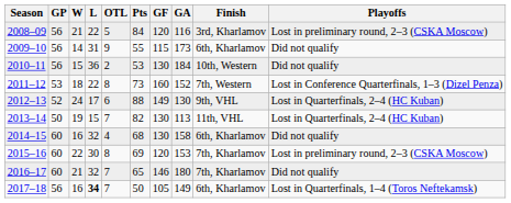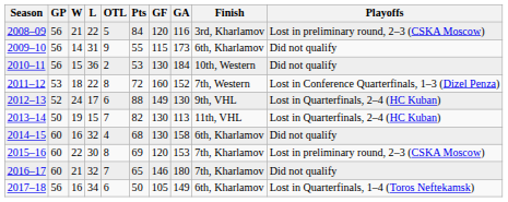 <table class="wikitable">
 <tr>
 <th>Season</th>
 <th>GP</th>
 <th>W</th>
 <th>L</th>
 <th>OTL</th>
 <th>Pts</th>
 <th>GF</th>
 <th>GA</th>
 <th>Finish</th>
 <th>Playoffs</th>
 </tr>
 <tr style="background:#eee;">
 <td><a href='#'>2008–09</a></td>
 <td>56</td>
 <td>21</td>
 <td>22</td>
 <td>5</td>
 <td>84</td>
 <td>120</td>
 <td>116</td>
 <td>3rd, Kharlamov</td>
 <td>Lost in preliminary round, 2–3 (<a href='#'>CSKA Moscow</a>)</td>
 </tr>
 <tr>
 <td><a href='#'>2009–10</a></td>
 <td>56</td>
 <td>14</td>
 <td>31</td>
 <td>9</td>
 <td>55</td>
 <td>115</td>
 <td>173</td>
 <td>6th, Kharlamov</td>
 <td>Did not qualify</td>
 </tr>
 <tr style="background:#eee;">
 <td><a href='#'>2010–11</a></td>
 <td>56</td>
 <td>15</td>
 <td>36</td>
 <td>2</td>
 <td>53</td>
 <td>130</td>
 <td>184</td>
 <td>10th, Western</td>
 <td>Did not qualify</td>
 </tr>
 <tr>
 <td><a href='#'>2011–12</a></td>
 <td>53</td>
 <td>18</td>
 <td>22</td>
 <td>8</td>
-<td>73</td>
+<td>72</td>
 <td>160</td>
 <td>152</td>
 <td>7th, Western</td>
 <td>Lost in Conference Quarterfinals, 1–3 (<a href='#'>Dizel Penza</a>)</td>
 </tr>
 <tr style="background:#eee;">
 <td><a href='#'>2012–13</a></td>
 <td>52</td>
 <td>24</td>
 <td>17</td>
 <td>6</td>
 <td>88</td>
 <td>149</td>
 <td>130</td>
 <td>9th, VHL</td>
 <td>Lost in Quarterfinals, 2–4 (<a href='#'>HC Kuban</a>)</td>
 </tr>
 <tr>
 <td><a href='#'>2013–14</a></td>
 <td>50</td>
 <td>19</td>
 <td>15</td>
 <td>7</td>
 <td>82</td>
 <td>130</td>
 <td>113</td>
 <td>11th, VHL</td>
 <td>Lost in Quarterfinals, 2–4 (<a href='#'>HC Kuban</a>)</td>
 </tr>
 <tr style="background:#eee;">
 <td><a href='#'>2014–15</a></td>
 <td>60</td>
 <td>16</td>
 <td>32</td>
 <td>4</td>
 <td>68</td>
 <td>130</td>
 <td>158</td>
 <td>6th, Kharlamov</td>
 <td>Did not qualify</td>
 </tr>
 <tr>
 <td><a href='#'>2015–16</a></td>
 <td>60</td>
 <td>22</td>
 <td>30</td>
 <td>8</td>
 <td>69</td>
 <td>120</td>
 <td>153</td>
 <td>7th, Kharlamov</td>
 <td>Lost in preliminary round, 2–3 (<a href='#'>CSKA Moscow</a>)</td>
 </tr>
 <tr style="background:#eee;">
 <td><a href='#'>2016–17</a></td>
 <td>60</td>
 <td>21</td>
 <td>32</td>
 <td>7</td>
 <td>65</td>
 <td>146</td>
 <td>180</td>
 <td>7th, Kharlamov</td>
 <td>Did not qualify</td>
 </tr>
 <tr>
 <td><a href='#'>2017–18</a></td>
 <td>56</td>
 <td>16</td>
-<td><strong>34</strong></td>
-<td>7</td>
+<td>34</td>
+<td>6</td>
 <td>50</td>
 <td>105</td>
 <td>149</td>
 <td>6th, Kharlamov</td>
 <td>Lost in Quarterfinals, 1–4 (<a href='#'>Toros Neftekamsk</a>)</td>
 </tr>
 </table>
